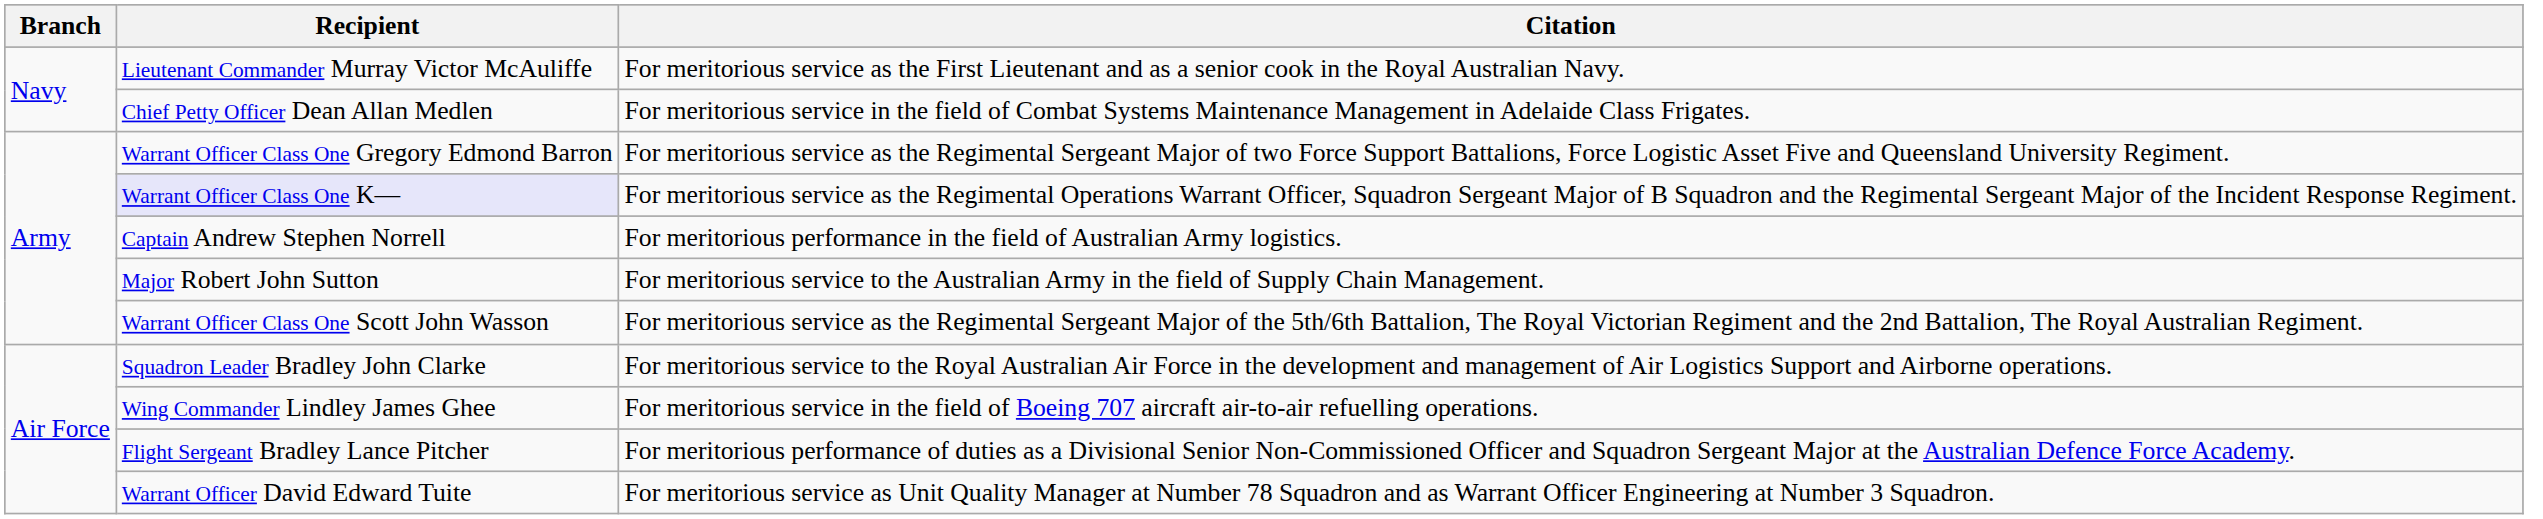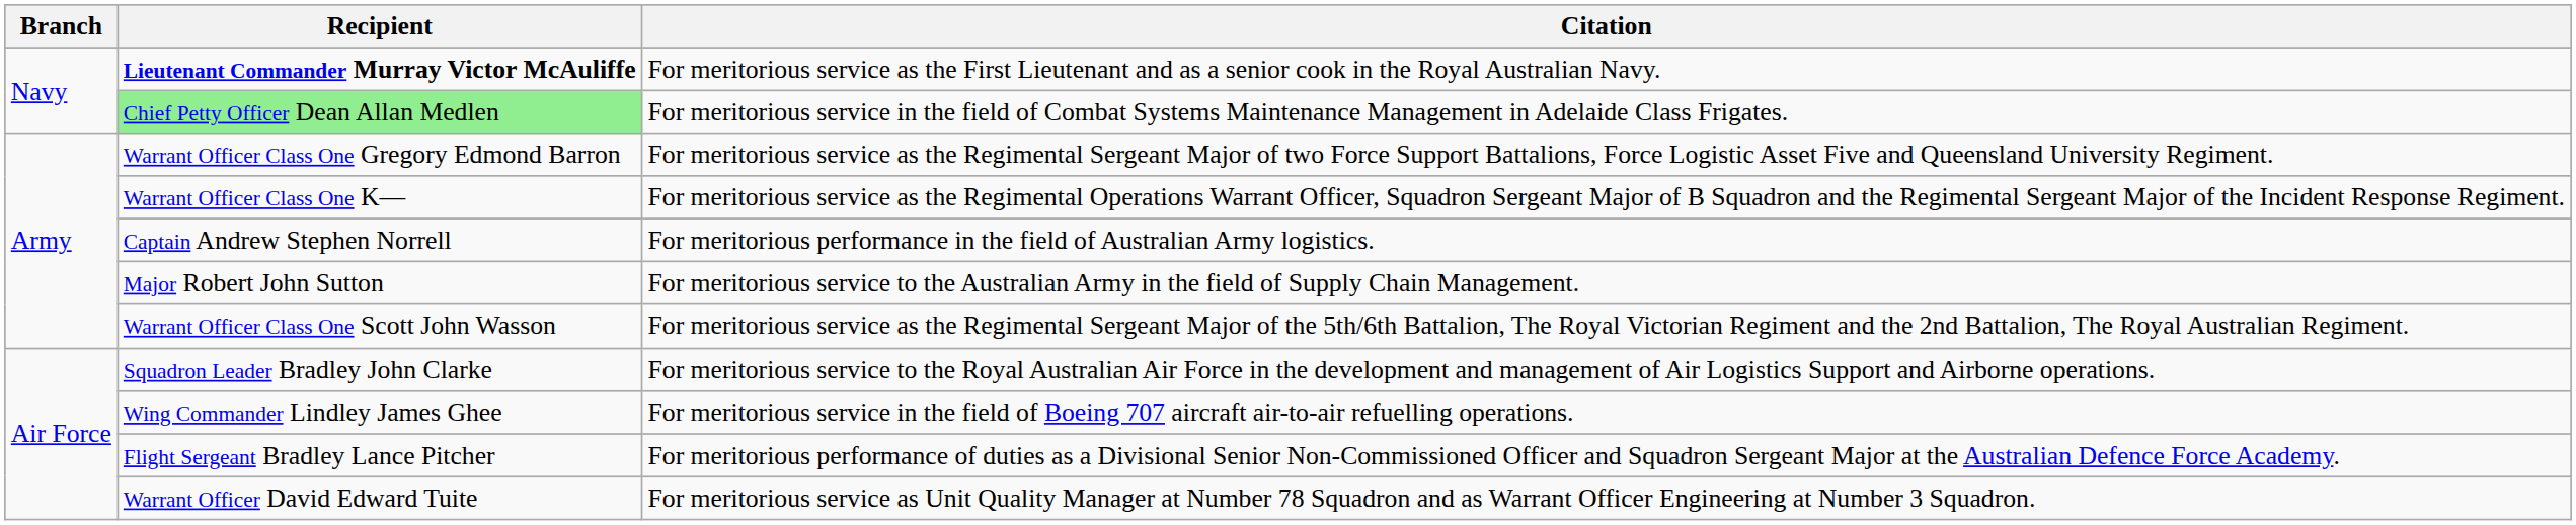 <table class="wikitable" style="font-size:95%;">
 <tr>
 <th>Branch</th>
 <th>Recipient</th>
 <th>Citation</th>
 </tr>
 <tr>
 <td rowspan="2"><a href='#'>Navy</a></td>
-<td><small><a href='#'>Lieutenant Commander</a></small> Murray Victor McAuliffe</td>
+<td><strong><small><a href='#'>Lieutenant Commander</a></small> Murray Victor McAuliffe</strong></td>
 <td>For meritorious service as the First Lieutenant  and as a senior cook in the Royal Australian Navy.</td>
 </tr>
 <tr>
-<td><small><a href='#'>Chief Petty Officer</a></small> Dean Allan Medlen</td>
+<td style="background: lightgreen;"><small><a href='#'>Chief Petty Officer</a></small> Dean Allan Medlen</td>
 <td>For meritorious service in the field of Combat Systems Maintenance Management in Adelaide Class Frigates.</td>
 </tr>
 <tr>
 <td rowspan="5"><a href='#'>Army</a></td>
 <td><small><a href='#'>Warrant Officer Class One</a></small> Gregory Edmond Barron</td>
 <td>For meritorious service as the Regimental Sergeant Major of two Force Support Battalions, Force Logistic Asset Five and Queensland University Regiment.</td>
 </tr>
 <tr>
-<td style="background: lavender;"><small><a href='#'>Warrant Officer Class One</a></small> K—</td>
+<td><small><a href='#'>Warrant Officer Class One</a></small> K—</td>
 <td>For meritorious service as the Regimental Operations Warrant Officer, Squadron Sergeant Major of B Squadron and the Regimental Sergeant Major of the Incident Response Regiment.</td>
 </tr>
 <tr>
 <td><small><a href='#'>Captain</a></small> Andrew Stephen Norrell</td>
 <td>For meritorious performance in the field of Australian Army logistics.</td>
 </tr>
 <tr>
 <td><small><a href='#'>Major</a></small> Robert John Sutton</td>
 <td>For meritorious service to the Australian Army in the field of Supply Chain Management.</td>
 </tr>
 <tr>
 <td><small><a href='#'>Warrant Officer Class One</a></small> Scott John Wasson</td>
 <td>For meritorious service as the Regimental Sergeant Major of the 5th/6th Battalion, The Royal Victorian Regiment and the 2nd Battalion, The Royal Australian Regiment.</td>
 </tr>
 <tr>
 <td rowspan="4"><a href='#'>Air Force</a></td>
 <td><small><a href='#'>Squadron Leader</a></small> Bradley John Clarke</td>
 <td>For meritorious service to the Royal Australian Air Force in the development and management of Air Logistics Support and Airborne operations.</td>
 </tr>
 <tr>
 <td><small><a href='#'>Wing Commander</a></small> Lindley James Ghee</td>
 <td>For meritorious service in the field of <a href='#'>Boeing 707</a> aircraft air-to-air refuelling operations.</td>
 </tr>
 <tr>
 <td><small><a href='#'>Flight Sergeant</a></small> Bradley Lance Pitcher</td>
 <td>For meritorious performance of duties as a Divisional Senior Non-Commissioned Officer and Squadron Sergeant Major at the <a href='#'>Australian Defence Force Academy</a>.</td>
 </tr>
 <tr>
 <td><small><a href='#'>Warrant Officer</a></small> David Edward Tuite</td>
 <td>For meritorious service as Unit Quality Manager at Number 78 Squadron and as Warrant Officer Engineering at Number 3 Squadron.</td>
 </tr>
 </table>
